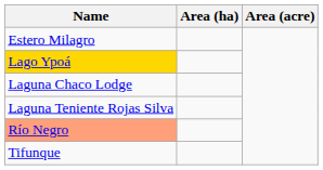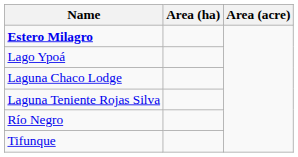 <table class="wikitable sortable">
 <tr>
 <th scope="col" align=left>Name</th>
 <th scope="col">Area (ha)</th>
 <th scope="col">Area (acre)</th>
 </tr>
 <tr ---->
-<td><a href='#'>Estero Milagro</a></td>
+<td><strong><a href='#'>Estero Milagro</a></strong></td>
 <td></td>
 </tr>
 <tr ---->
-<td style="background: gold;"><a href='#'>Lago Ypoá</a></td>
+<td><a href='#'>Lago Ypoá</a></td>
 <td></td>
 </tr>
 <tr ---->
 <td><a href='#'>Laguna Chaco Lodge</a></td>
 <td></td>
 </tr>
 <tr ---->
 <td><a href='#'>Laguna Teniente Rojas Silva</a></td>
 <td></td>
 </tr>
 <tr ---->
-<td style="background: lightsalmon;"><a href='#'>Río Negro</a></td>
+<td><a href='#'>Río Negro</a></td>
 <td></td>
 </tr>
 <tr ---->
 <td><a href='#'>Tifunque</a></td>
 <td></td>
 </tr>
 </table>
